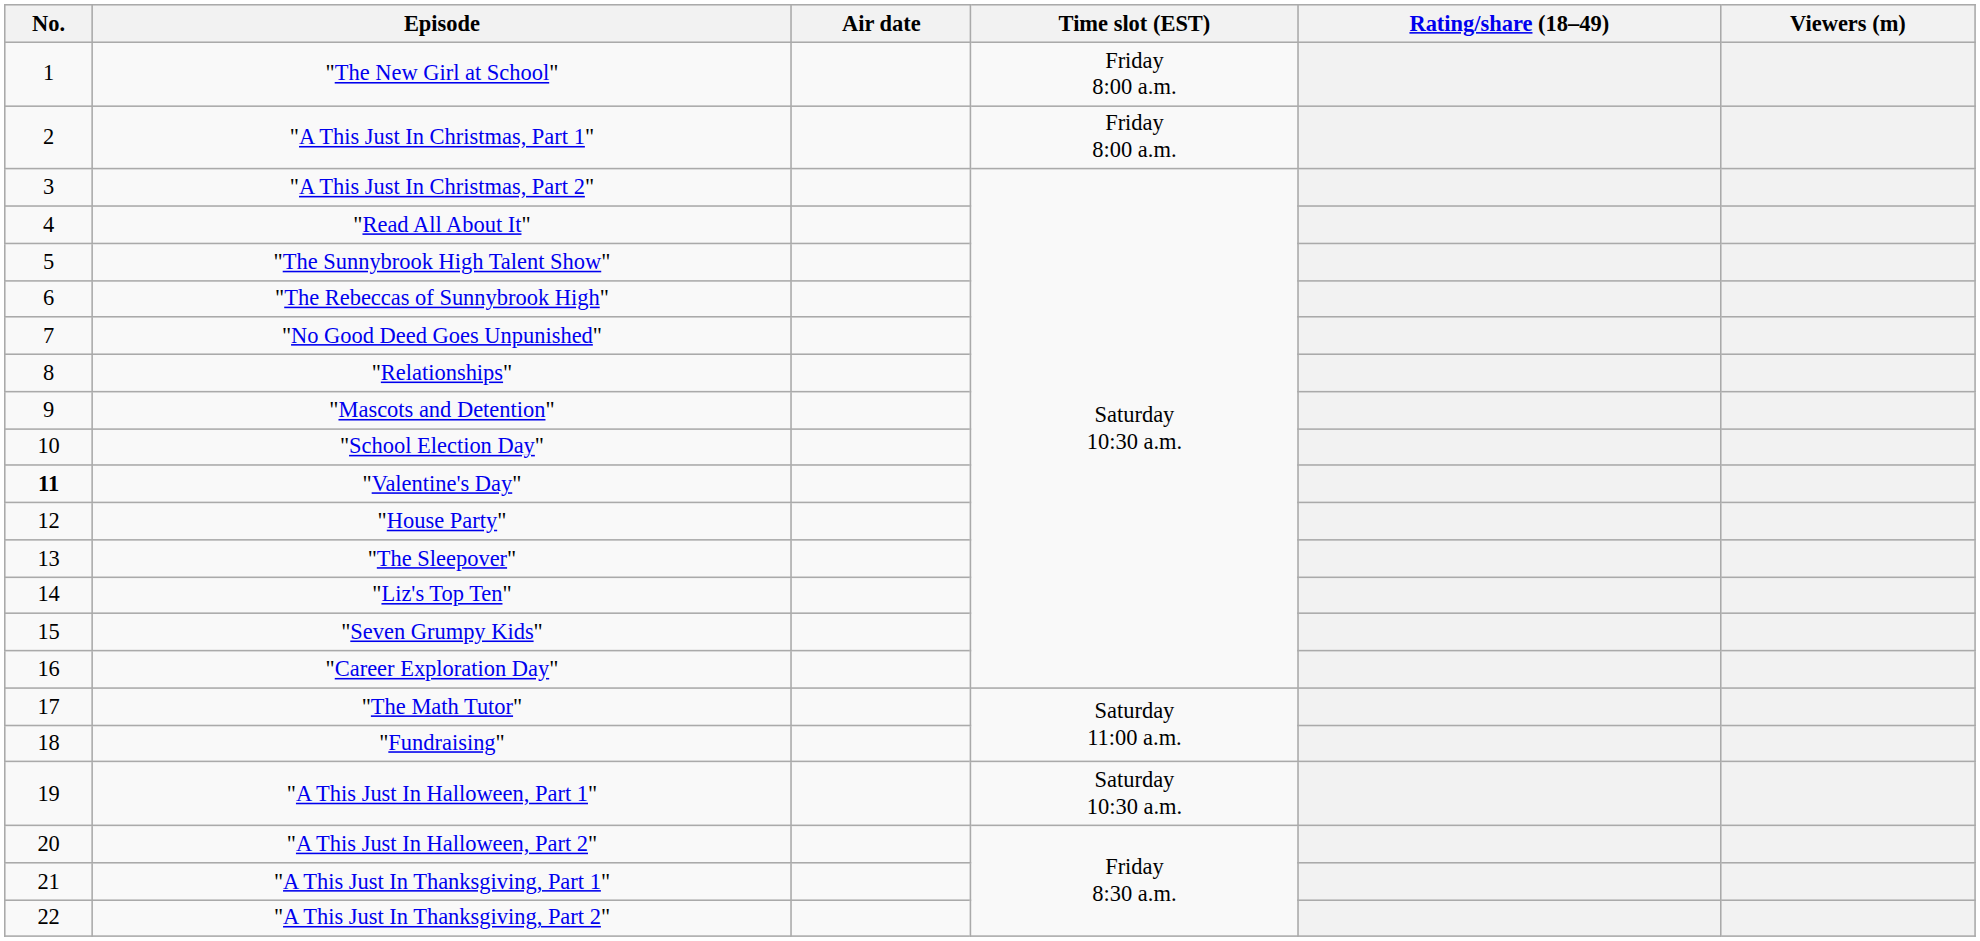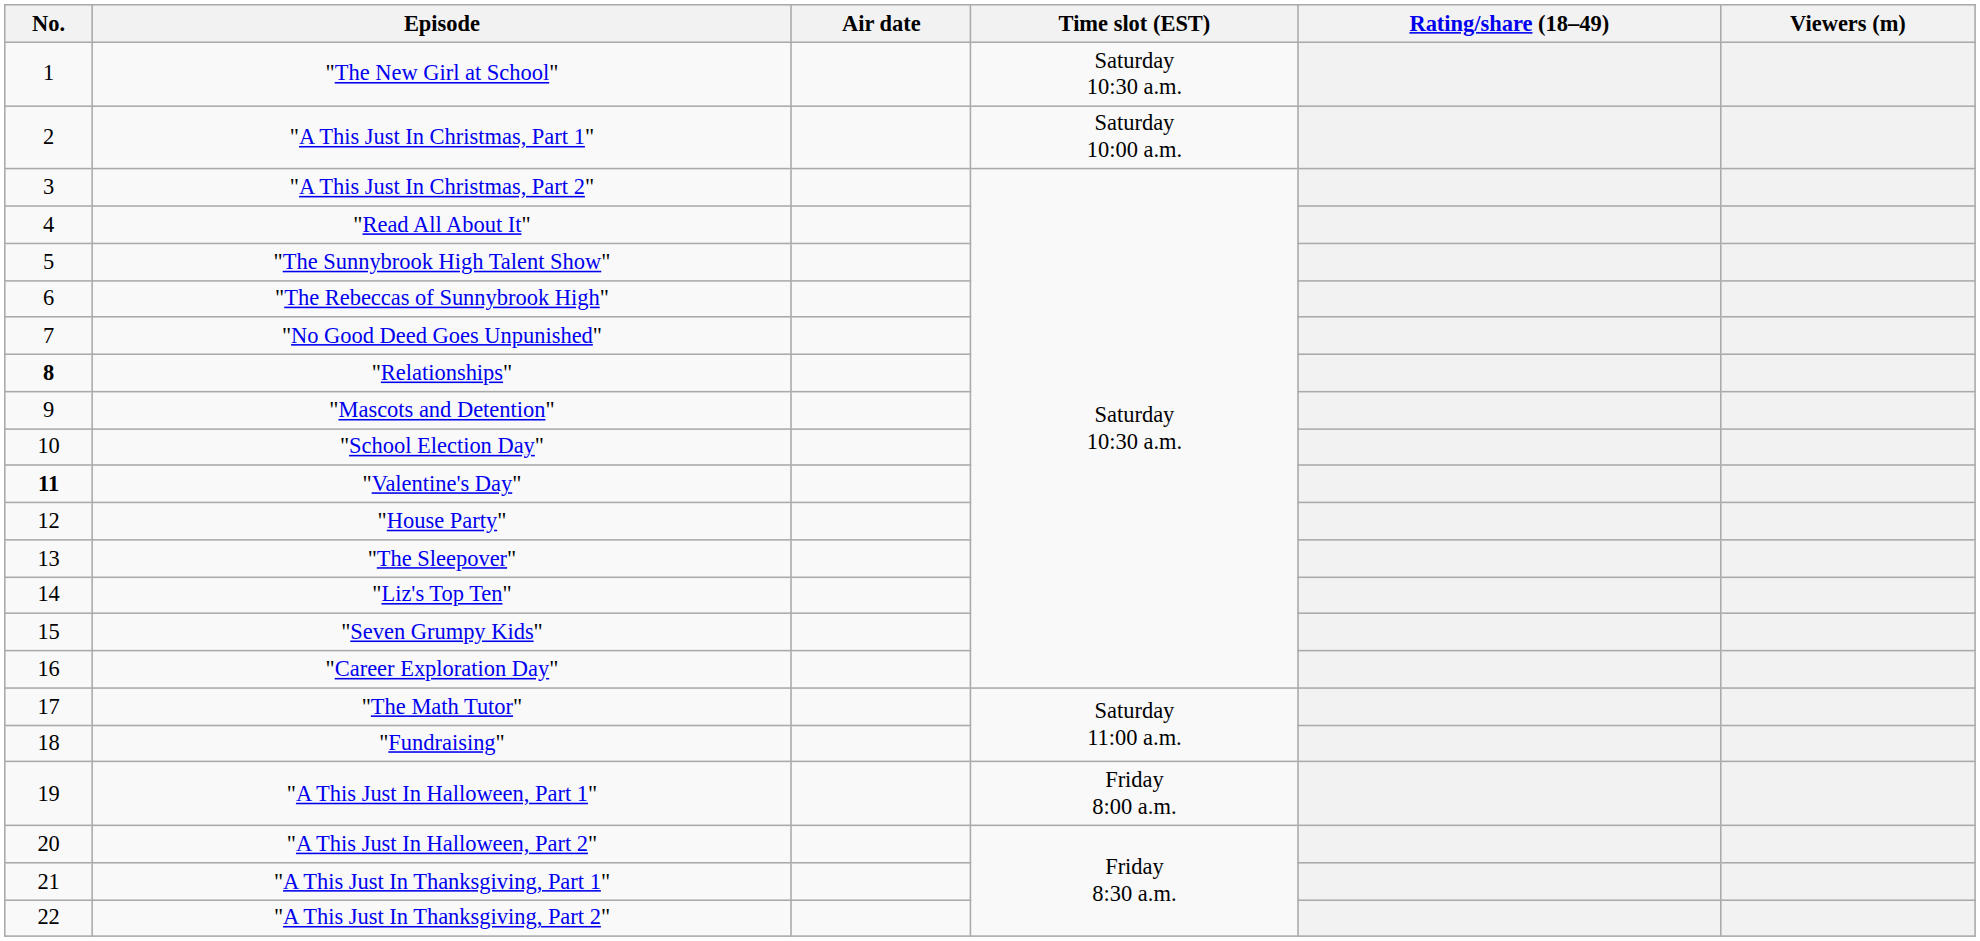 <table class="wikitable" style="font-size:90%; text-align:center; width: 100%; margin-left: auto; margin-right: auto;">
 <tr>
 <th>No.</th>
 <th>Episode</th>
 <th>Air date</th>
 <th>Time slot (EST)</th>
 <th><a href='#'>Rating/share</a> (18–49)</th>
 <th>Viewers (m)</th>
 </tr>
 <tr>
 <td style="text-align:center">1</td>
 <td>"<a href='#'>The New Girl at School</a>"</td>
 <td></td>
-<td style="text-align:center">Friday<br>8:00 a.m.</td>
+<td style="text-align:center">Saturday<br>10:30 a.m.</td>
 <th></th>
 <th></th>
 </tr>
 <tr>
 <td style="text-align:center">2</td>
 <td>"<a href='#'>A This Just In Christmas, Part 1</a>"</td>
 <td></td>
-<td style="text-align:center">Friday<br>8:00 a.m.</td>
+<td style="text-align:center">Saturday<br>10:00 a.m.</td>
 <th></th>
 <th></th>
 </tr>
 <tr>
 <td style="text-align:center">3</td>
 <td>"<a href='#'>A This Just In Christmas, Part 2</a>"</td>
 <td></td>
 <td style="text-align:center" rowspan="14">Saturday<br>10:30 a.m.</td>
 <th></th>
 <th></th>
 </tr>
 <tr>
 <td style="text-align:center">4</td>
 <td>"<a href='#'>Read All About It</a>"</td>
 <td></td>
 <th></th>
 <th></th>
 </tr>
 <tr>
 <td style="text-align:center">5</td>
 <td>"<a href='#'>The Sunnybrook High Talent Show</a>"</td>
 <td></td>
 <th></th>
 <th></th>
 </tr>
 <tr>
 <td style="text-align:center">6</td>
 <td>"<a href='#'>The Rebeccas of Sunnybrook High</a>"</td>
 <td></td>
 <th></th>
 <th></th>
 </tr>
 <tr>
 <td style="text-align:center">7</td>
 <td>"<a href='#'>No Good Deed Goes Unpunished</a>"</td>
 <td></td>
 <th></th>
 <th></th>
 </tr>
 <tr>
-<td style="text-align:center">8</td>
+<td style="text-align:center"><strong>8</strong></td>
 <td>"<a href='#'>Relationships</a>"</td>
 <td></td>
 <th></th>
 <th></th>
 </tr>
 <tr>
 <td style="text-align:center">9</td>
 <td>"<a href='#'>Mascots and Detention</a>"</td>
 <td></td>
 <th></th>
 <th></th>
 </tr>
 <tr>
 <td style="text-align:center">10</td>
 <td>"<a href='#'>School Election Day</a>"</td>
 <td></td>
 <th></th>
 <th></th>
 </tr>
 <tr>
 <td style="text-align:center"><strong>11</strong></td>
 <td>"<a href='#'>Valentine's Day</a>"</td>
 <td></td>
 <th></th>
 <th></th>
 </tr>
 <tr>
 <td style="text-align:center">12</td>
 <td>"<a href='#'>House Party</a>"</td>
 <td></td>
 <th></th>
 <th></th>
 </tr>
 <tr>
 <td style="text-align:center">13</td>
 <td>"<a href='#'>The Sleepover</a>"</td>
 <td></td>
 <th></th>
 <th></th>
 </tr>
 <tr>
 <td style="text-align:center">14</td>
 <td>"<a href='#'>Liz's Top Ten</a>"</td>
 <td></td>
 <th></th>
 <th></th>
 </tr>
 <tr>
 <td style="text-align:center">15</td>
 <td>"<a href='#'>Seven Grumpy Kids</a>"</td>
 <td></td>
 <th></th>
 <th></th>
 </tr>
 <tr>
 <td style="text-align:center">16</td>
 <td>"<a href='#'>Career Exploration Day</a>"</td>
 <td></td>
 <th></th>
 <th></th>
 </tr>
 <tr>
 <td style="text-align:center">17</td>
 <td>"<a href='#'>The Math Tutor</a>"</td>
 <td></td>
 <td style="text-align:center" rowspan="2">Saturday<br>11:00 a.m.</td>
 <th></th>
 <th></th>
 </tr>
 <tr>
 <td style="text-align:center">18</td>
 <td>"<a href='#'>Fundraising</a>"</td>
 <td></td>
 <th></th>
 <th></th>
 </tr>
 <tr>
 <td style="text-align:center">19</td>
 <td>"<a href='#'>A This Just In Halloween, Part 1</a>"</td>
 <td></td>
-<td style="text-align:center">Saturday<br>10:30 a.m.</td>
+<td style="text-align:center">Friday<br>8:00 a.m.</td>
 <th></th>
 <th></th>
 </tr>
 <tr>
 <td style="text-align:center">20</td>
 <td>"<a href='#'>A This Just In Halloween, Part 2</a>"</td>
 <td></td>
 <td style="text-align:center" rowspan="3">Friday<br>8:30 a.m.</td>
 <th></th>
 <th></th>
 </tr>
 <tr>
 <td style="text-align:center">21</td>
 <td>"<a href='#'>A This Just In Thanksgiving, Part 1</a>"</td>
 <td></td>
 <th></th>
 <th></th>
 </tr>
 <tr>
 <td style="text-algin:center">22</td>
 <td>"<a href='#'>A This Just In Thanksgiving, Part 2</a>"</td>
 <td></td>
 <th></th>
 <th></th>
 </tr>
 </table>
